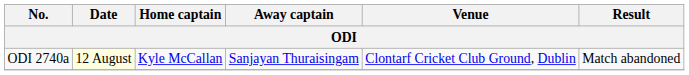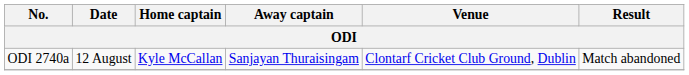 <table class="wikitable">
 <tr>
 <th>No.</th>
 <th>Date</th>
 <th>Home captain</th>
 <th>Away captain</th>
 <th>Venue</th>
 <th>Result</th>
 </tr>
 <tr>
 <th colspan="6">ODI</th>
 </tr>
 <tr>
 <td>ODI 2740a</td>
-<td style="background: lightyellow;">12 August</td>
+<td>12 August</td>
 <td><a href='#'>Kyle McCallan</a></td>
 <td><a href='#'>Sanjayan Thuraisingam</a></td>
 <td><a href='#'>Clontarf Cricket Club Ground</a>, <a href='#'>Dublin</a></td>
 <td>Match abandoned</td>
 </tr>
 <tr>
 </tr>
 </table>
